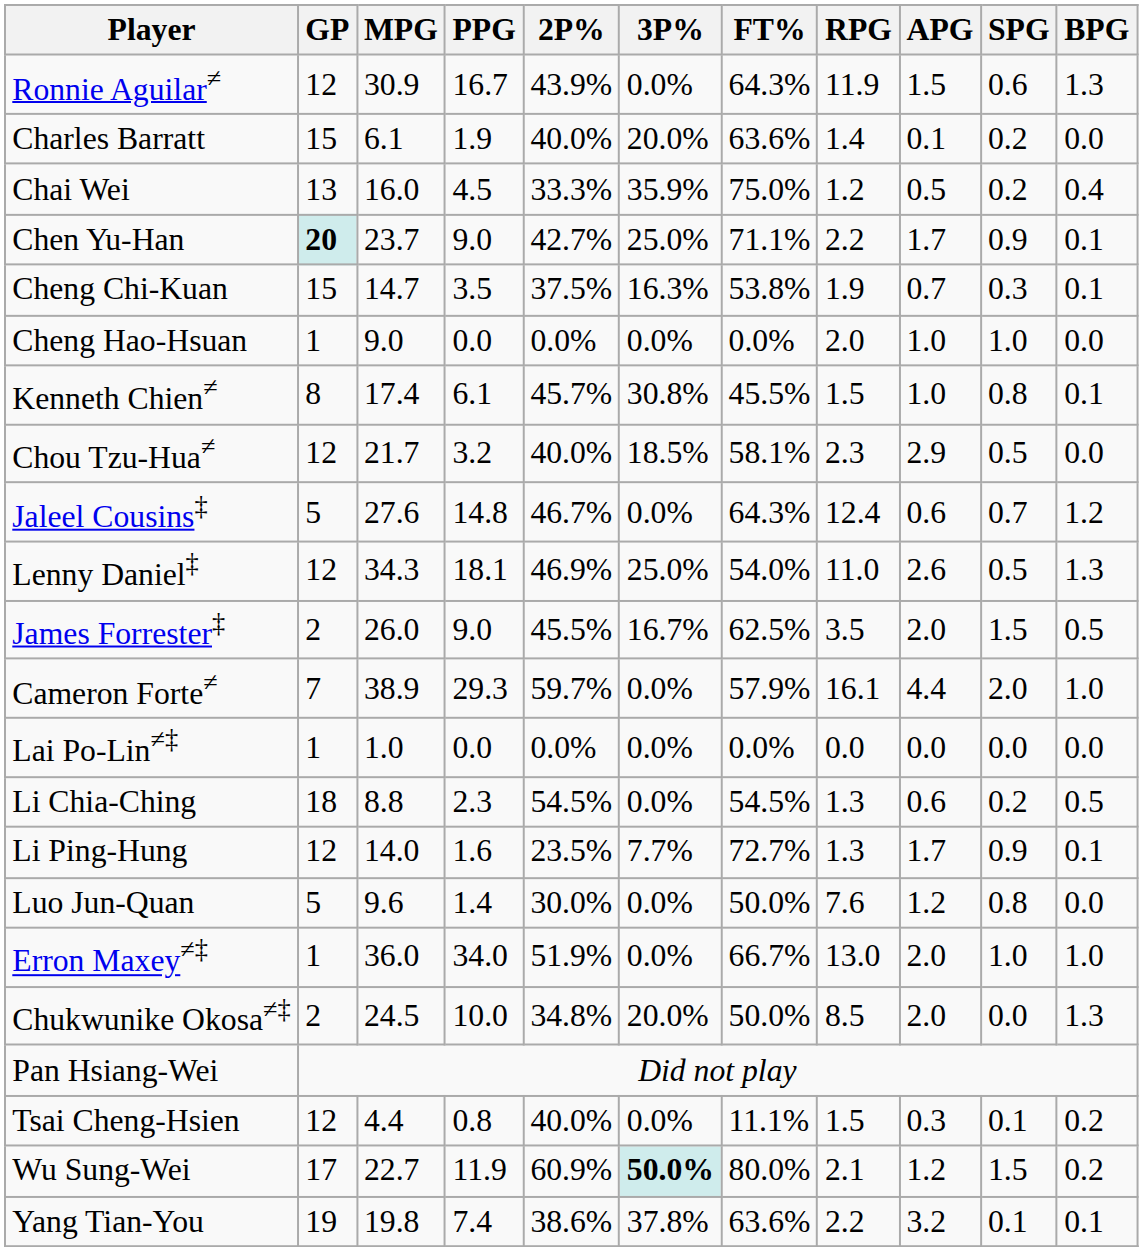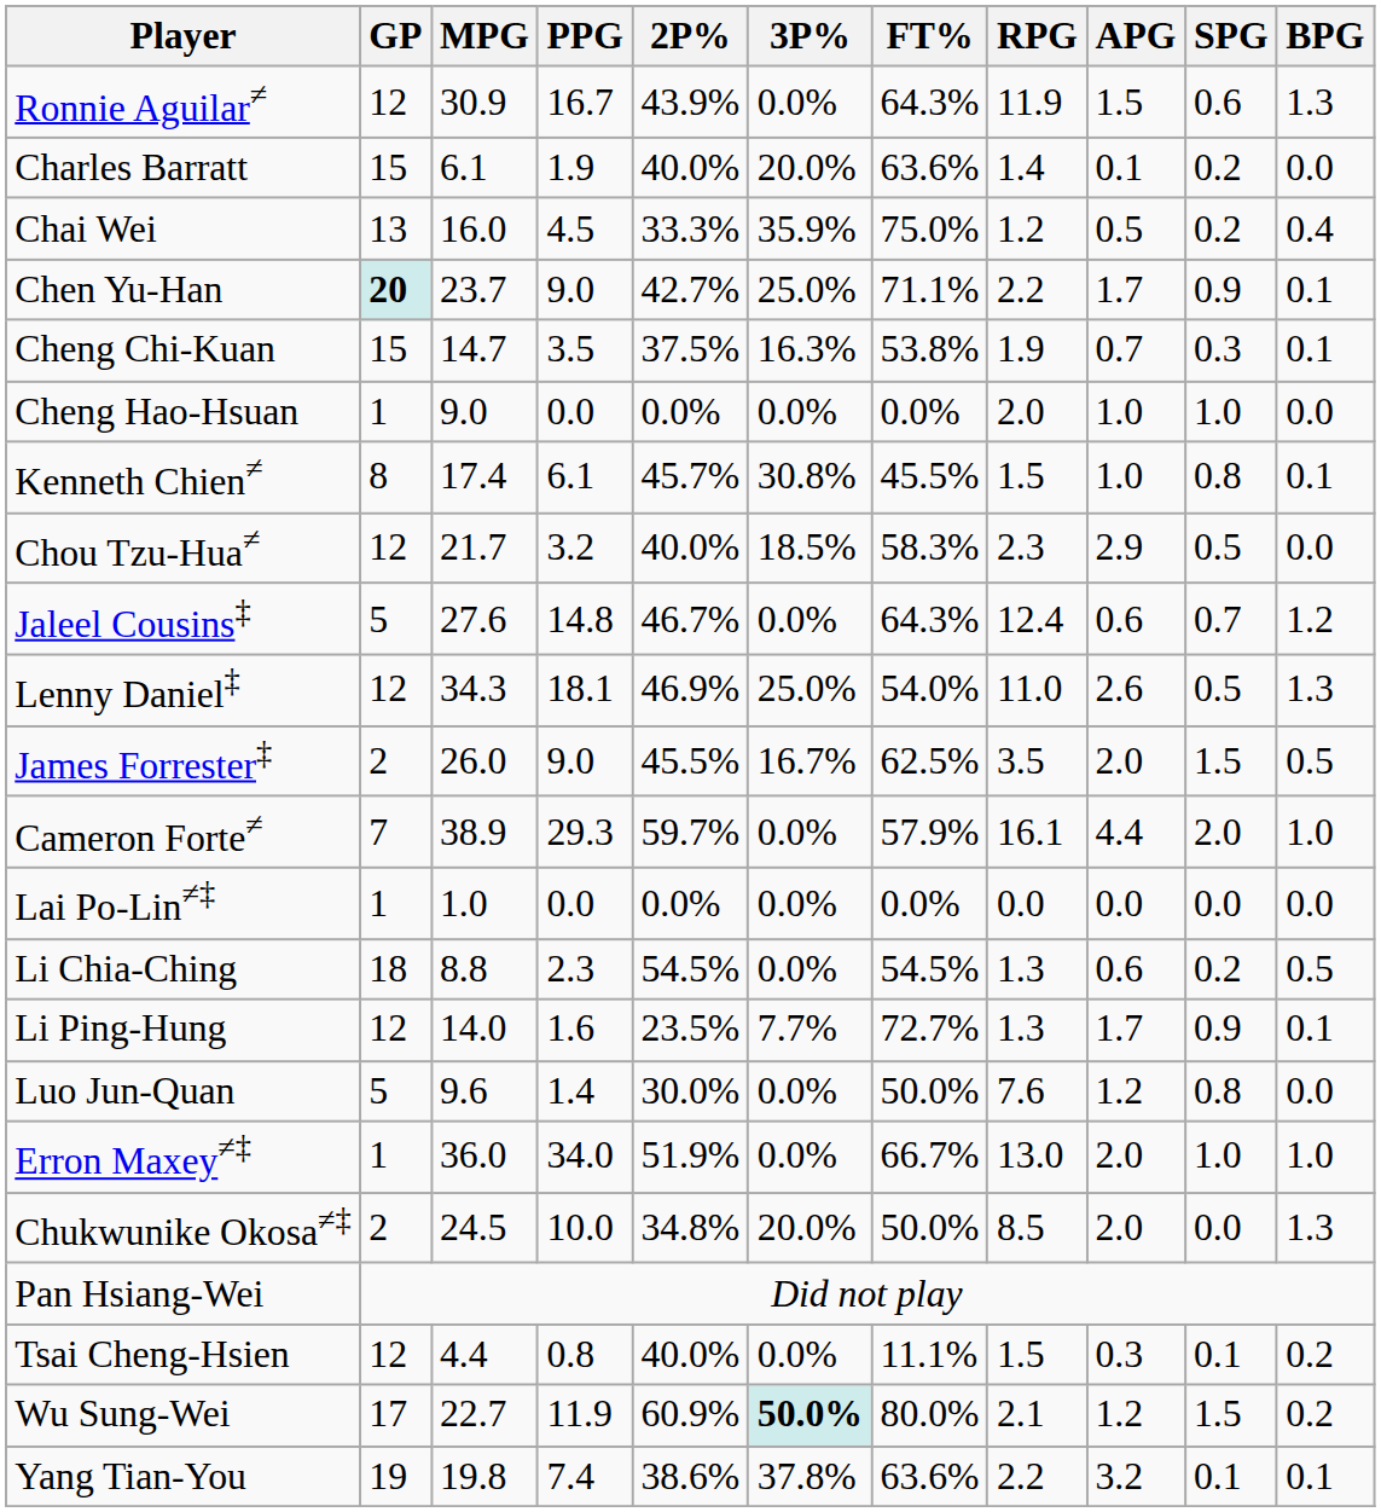 <table class="wikitable">
 <tr>
 <th>Player</th>
 <th>GP</th>
 <th>MPG</th>
 <th>PPG</th>
 <th>2P%</th>
 <th>3P%</th>
 <th>FT%</th>
 <th>RPG</th>
 <th>APG</th>
 <th>SPG</th>
 <th>BPG</th>
 </tr>
 <tr>
 <td><a href='#'>Ronnie Aguilar</a><sup>≠</sup></td>
 <td>12</td>
 <td>30.9</td>
 <td>16.7</td>
 <td>43.9%</td>
 <td>0.0%</td>
 <td>64.3%</td>
 <td>11.9</td>
 <td>1.5</td>
 <td>0.6</td>
 <td>1.3</td>
 </tr>
 <tr>
 <td>Charles Barratt</td>
 <td>15</td>
 <td>6.1</td>
 <td>1.9</td>
 <td>40.0%</td>
 <td>20.0%</td>
 <td>63.6%</td>
 <td>1.4</td>
 <td>0.1</td>
 <td>0.2</td>
 <td>0.0</td>
 </tr>
 <tr>
 <td>Chai Wei</td>
 <td>13</td>
 <td>16.0</td>
 <td>4.5</td>
 <td>33.3%</td>
 <td>35.9%</td>
 <td>75.0%</td>
 <td>1.2</td>
 <td>0.5</td>
 <td>0.2</td>
 <td>0.4</td>
 </tr>
 <tr>
 <td>Chen Yu-Han</td>
 <td style="background-color: #CFECEC"><strong>20</strong></td>
 <td>23.7</td>
 <td>9.0</td>
 <td>42.7%</td>
 <td>25.0%</td>
 <td>71.1%</td>
 <td>2.2</td>
 <td>1.7</td>
 <td>0.9</td>
 <td>0.1</td>
 </tr>
 <tr>
 <td>Cheng Chi-Kuan</td>
 <td>15</td>
 <td>14.7</td>
 <td>3.5</td>
 <td>37.5%</td>
 <td>16.3%</td>
 <td>53.8%</td>
 <td>1.9</td>
 <td>0.7</td>
 <td>0.3</td>
 <td>0.1</td>
 </tr>
 <tr>
 <td>Cheng Hao-Hsuan</td>
 <td>1</td>
 <td>9.0</td>
 <td>0.0</td>
 <td>0.0%</td>
 <td>0.0%</td>
 <td>0.0%</td>
 <td>2.0</td>
 <td>1.0</td>
 <td>1.0</td>
 <td>0.0</td>
 </tr>
 <tr>
 <td>Kenneth Chien<sup>≠</sup></td>
 <td>8</td>
 <td>17.4</td>
 <td>6.1</td>
 <td>45.7%</td>
 <td>30.8%</td>
 <td>45.5%</td>
 <td>1.5</td>
 <td>1.0</td>
 <td>0.8</td>
 <td>0.1</td>
 </tr>
 <tr>
 <td>Chou Tzu-Hua<sup>≠</sup></td>
 <td>12</td>
 <td>21.7</td>
 <td>3.2</td>
 <td>40.0%</td>
 <td>18.5%</td>
-<td>58.1%</td>
+<td>58.3%</td>
 <td>2.3</td>
 <td>2.9</td>
 <td>0.5</td>
 <td>0.0</td>
 </tr>
 <tr>
 <td><a href='#'>Jaleel Cousins</a><sup>‡</sup></td>
 <td>5</td>
 <td>27.6</td>
 <td>14.8</td>
 <td>46.7%</td>
 <td>0.0%</td>
 <td>64.3%</td>
 <td>12.4</td>
 <td>0.6</td>
 <td>0.7</td>
 <td>1.2</td>
 </tr>
 <tr>
 <td>Lenny Daniel<sup>‡</sup></td>
 <td>12</td>
 <td>34.3</td>
 <td>18.1</td>
 <td>46.9%</td>
 <td>25.0%</td>
 <td>54.0%</td>
 <td>11.0</td>
 <td>2.6</td>
 <td>0.5</td>
 <td>1.3</td>
 </tr>
 <tr>
 <td><a href='#'>James Forrester</a><sup>‡</sup></td>
 <td>2</td>
 <td>26.0</td>
 <td>9.0</td>
 <td>45.5%</td>
 <td>16.7%</td>
 <td>62.5%</td>
 <td>3.5</td>
 <td>2.0</td>
 <td>1.5</td>
 <td>0.5</td>
 </tr>
 <tr>
 <td>Cameron Forte<sup>≠</sup></td>
 <td>7</td>
 <td>38.9</td>
 <td>29.3</td>
 <td>59.7%</td>
 <td>0.0%</td>
 <td>57.9%</td>
 <td>16.1</td>
 <td>4.4</td>
 <td>2.0</td>
 <td>1.0</td>
 </tr>
 <tr>
 <td>Lai Po-Lin<sup>≠‡</sup></td>
 <td>1</td>
 <td>1.0</td>
 <td>0.0</td>
 <td>0.0%</td>
 <td>0.0%</td>
 <td>0.0%</td>
 <td>0.0</td>
 <td>0.0</td>
 <td>0.0</td>
 <td>0.0</td>
 </tr>
 <tr>
 <td>Li Chia-Ching</td>
 <td>18</td>
 <td>8.8</td>
 <td>2.3</td>
 <td>54.5%</td>
 <td>0.0%</td>
 <td>54.5%</td>
 <td>1.3</td>
 <td>0.6</td>
 <td>0.2</td>
 <td>0.5</td>
 </tr>
 <tr>
 <td>Li Ping-Hung</td>
 <td>12</td>
 <td>14.0</td>
 <td>1.6</td>
 <td>23.5%</td>
 <td>7.7%</td>
 <td>72.7%</td>
 <td>1.3</td>
 <td>1.7</td>
 <td>0.9</td>
 <td>0.1</td>
 </tr>
 <tr>
 <td>Luo Jun-Quan</td>
 <td>5</td>
 <td>9.6</td>
 <td>1.4</td>
 <td>30.0%</td>
 <td>0.0%</td>
 <td>50.0%</td>
 <td>7.6</td>
 <td>1.2</td>
 <td>0.8</td>
 <td>0.0</td>
 </tr>
 <tr>
 <td><a href='#'>Erron Maxey</a><sup>≠‡</sup></td>
 <td>1</td>
 <td>36.0</td>
 <td>34.0</td>
 <td>51.9%</td>
 <td>0.0%</td>
 <td>66.7%</td>
 <td>13.0</td>
 <td>2.0</td>
 <td>1.0</td>
 <td>1.0</td>
 </tr>
 <tr>
 <td>Chukwunike Okosa<sup>≠‡</sup></td>
 <td>2</td>
 <td>24.5</td>
 <td>10.0</td>
 <td>34.8%</td>
 <td>20.0%</td>
 <td>50.0%</td>
 <td>8.5</td>
 <td>2.0</td>
 <td>0.0</td>
 <td>1.3</td>
 </tr>
 <tr>
 <td>Pan Hsiang-Wei</td>
 <td colspan=10 align=center><em>Did not play</em></td>
 </tr>
 <tr>
 <td>Tsai Cheng-Hsien</td>
 <td>12</td>
 <td>4.4</td>
 <td>0.8</td>
 <td>40.0%</td>
 <td>0.0%</td>
 <td>11.1%</td>
 <td>1.5</td>
 <td>0.3</td>
 <td>0.1</td>
 <td>0.2</td>
 </tr>
 <tr>
 <td>Wu Sung-Wei</td>
 <td>17</td>
 <td>22.7</td>
 <td>11.9</td>
 <td>60.9%</td>
 <td style="background-color: #CFECEC"><strong>50.0%</strong></td>
 <td>80.0%</td>
 <td>2.1</td>
 <td>1.2</td>
 <td>1.5</td>
 <td>0.2</td>
 </tr>
 <tr>
 <td>Yang Tian-You</td>
 <td>19</td>
 <td>19.8</td>
 <td>7.4</td>
 <td>38.6%</td>
 <td>37.8%</td>
 <td>63.6%</td>
 <td>2.2</td>
 <td>3.2</td>
 <td>0.1</td>
 <td>0.1</td>
 </tr>
 <tr>
 </tr>
 </table>
